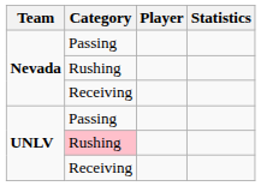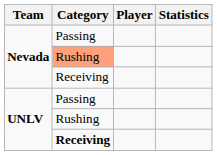 <table class="wikitable" style="float: right;">
 <tr>
 <th>Team</th>
 <th>Category</th>
 <th>Player</th>
 <th>Statistics</th>
 </tr>
 <tr>
 <td rowspan=3><strong>Nevada</strong></td>
 <td>Passing</td>
 <td></td>
 <td></td>
 </tr>
 <tr>
-<td>Rushing</td>
+<td style="background: lightsalmon;">Rushing</td>
 <td></td>
 <td></td>
 </tr>
 <tr>
 <td>Receiving</td>
 <td></td>
 <td></td>
 </tr>
 <tr>
 <td rowspan=3><strong>UNLV</strong></td>
 <td>Passing</td>
 <td></td>
 <td></td>
 </tr>
 <tr>
-<td style="background: pink;">Rushing</td>
+<td>Rushing</td>
 <td></td>
 <td></td>
 </tr>
 <tr>
-<td>Receiving</td>
+<td><strong>Receiving</strong></td>
 <td></td>
 <td></td>
 </tr>
 </table>
